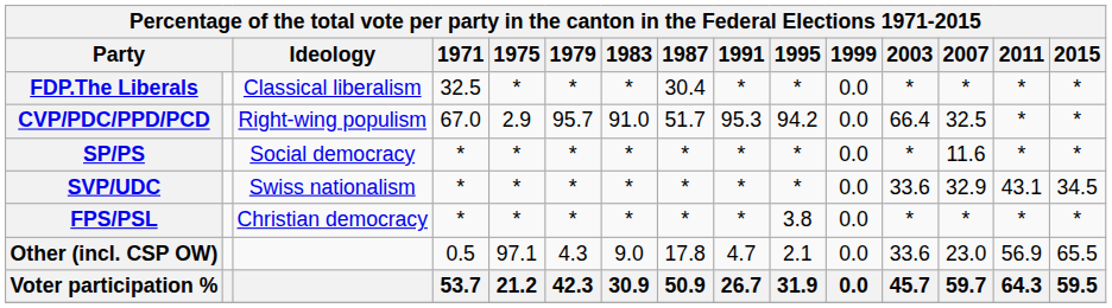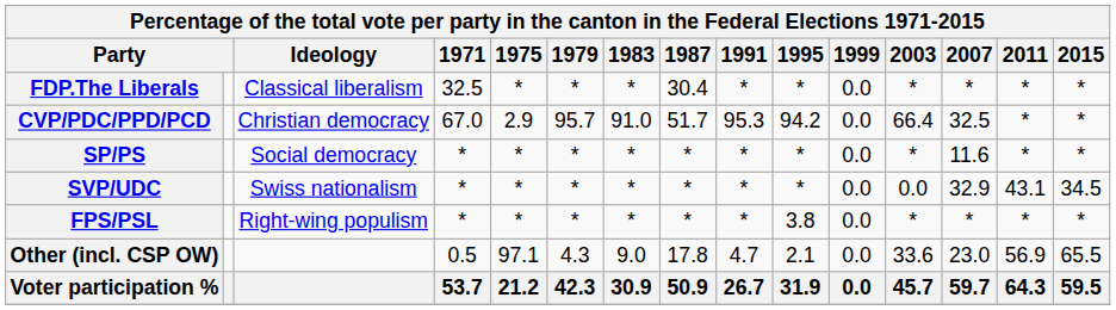 <table class="wikitable sortable" style ="text-align: center">
 <tr>
 <th colspan="15">Percentage of the total vote per party in the canton in the Federal Elections 1971-2015</th>
 </tr>
 <tr>
 <th colspan="2">Party</th>
 <th class="unsortable">Ideology</th>
 <th>1971</th>
 <th>1975</th>
 <th>1979</th>
 <th>1983</th>
 <th>1987</th>
 <th>1991</th>
 <th>1995</th>
 <th>1999</th>
 <th>2003</th>
 <th>2007</th>
 <th>2011</th>
 <th>2015</th>
 </tr>
 <tr>
 <th><a href='#'>FDP.The Liberals</a></th>
 <td></td>
 <td><a href='#'>Classical liberalism</a></td>
 <td>32.5</td>
 <td>* </td>
 <td>*</td>
 <td>*</td>
 <td>30.4</td>
 <td>*</td>
 <td>*</td>
 <td>0.0</td>
 <td>*</td>
 <td>*</td>
 <td>*</td>
 <td>*</td>
 </tr>
 <tr>
 <th><a href='#'>CVP/PDC/PPD/PCD</a></th>
 <td></td>
-<td><a href='#'>Right-wing populism</a></td>
+<td><a href='#'>Christian democracy</a></td>
 <td>67.0</td>
 <td>2.9</td>
 <td>95.7</td>
 <td>91.0</td>
 <td>51.7</td>
 <td>95.3</td>
 <td>94.2</td>
 <td>0.0</td>
 <td>66.4</td>
 <td>32.5</td>
 <td>*</td>
 <td>*</td>
 </tr>
 <tr>
 <th><a href='#'>SP/PS</a></th>
 <td></td>
 <td><a href='#'>Social democracy</a></td>
 <td>*</td>
 <td>*</td>
 <td>*</td>
 <td>*</td>
 <td>*</td>
 <td>*</td>
 <td>*</td>
 <td>0.0</td>
 <td>*</td>
 <td>11.6</td>
 <td>*</td>
 <td>*</td>
 </tr>
 <tr>
 <th><a href='#'>SVP/UDC</a></th>
 <td></td>
 <td><a href='#'>Swiss nationalism</a></td>
 <td>*</td>
 <td>*</td>
 <td>*</td>
 <td>*</td>
 <td>*</td>
 <td>*</td>
 <td>*</td>
 <td>0.0</td>
-<td>33.6</td>
+<td>0.0</td>
 <td>32.9</td>
 <td>43.1</td>
 <td>34.5</td>
 </tr>
 <tr>
 <th><a href='#'>FPS/PSL</a></th>
 <td></td>
-<td><a href='#'>Christian democracy</a></td>
+<td><a href='#'>Right-wing populism</a></td>
 <td>*</td>
 <td>*</td>
 <td>*</td>
 <td>*</td>
 <td>*</td>
 <td>*</td>
 <td>3.8</td>
 <td>0.0</td>
 <td>*</td>
 <td>*</td>
 <td>*</td>
 <td>*</td>
 </tr>
 <tr>
 <th>Other (incl. CSP OW)</th>
 <td></td>
 <td></td>
 <td>0.5</td>
 <td>97.1</td>
 <td>4.3</td>
 <td>9.0</td>
 <td>17.8</td>
 <td>4.7</td>
 <td>2.1</td>
 <td>0.0</td>
 <td>33.6</td>
 <td>23.0</td>
 <td>56.9</td>
 <td>65.5</td>
 </tr>
 <tr>
 <th>Voter participation %</th>
 <th></th>
 <th></th>
 <th>53.7</th>
 <th>21.2</th>
 <th>42.3</th>
 <th>30.9</th>
 <th>50.9</th>
 <th>26.7</th>
 <th>31.9</th>
 <th>0.0</th>
 <th>45.7</th>
 <th>59.7</th>
 <th>64.3</th>
 <th>59.5</th>
 </tr>
 <tr>
 </tr>
 </table>
